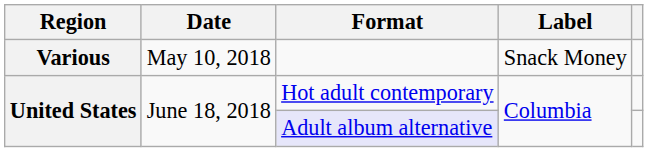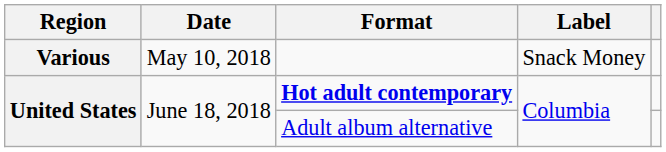 <table class="wikitable plainrowheaders">
 <tr>
 <th scope="col">Region</th>
 <th scope="col">Date</th>
 <th scope="col">Format</th>
 <th scope="col">Label</th>
 <th scope="col"></th>
 </tr>
 <tr>
 <th scope="row">Various</th>
 <td>May 10, 2018</td>
 <td></td>
 <td>Snack Money</td>
 <td></td>
 </tr>
 <tr>
 <th scope="row" rowspan="2">United States</th>
 <td rowspan="2">June 18, 2018</td>
-<td><a href='#'>Hot adult contemporary</a></td>
+<td><strong><a href='#'>Hot adult contemporary</a></strong></td>
 <td rowspan="2"><a href='#'>Columbia</a></td>
 <td></td>
 </tr>
 <tr>
-<td style="background: lavender;"><a href='#'>Adult album alternative</a></td>
+<td><a href='#'>Adult album alternative</a></td>
 <td></td>
 </tr>
 </table>
